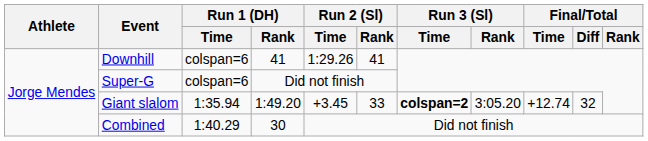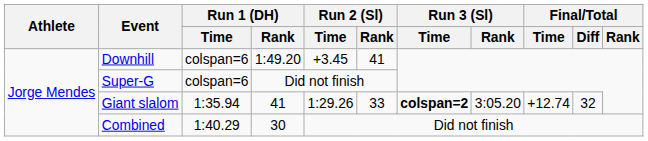 <table class="wikitable" style="font-size:90%">
 <tr>
 <th rowspan="2">Athlete</th>
 <th rowspan="2">Event</th>
 <th colspan="2">Run 1 (DH)</th>
 <th colspan="2">Run 2 (Sl)</th>
 <th colspan="2">Run 3 (Sl)</th>
 <th colspan="3">Final/Total</th>
 </tr>
 <tr>
 <th>Time</th>
 <th>Rank</th>
 <th>Time</th>
 <th>Rank</th>
 <th>Time</th>
 <th>Rank</th>
 <th>Time</th>
 <th>Diff</th>
 <th>Rank</th>
 </tr>
 <tr align="center">
 <td align="left" rowspan=4><a href='#'>Jorge Mendes</a></td>
 <td align="left"><a href='#'>Downhill</a></td>
 <td>colspan=6 </td>
-<td>41</td>
-<td>1:29.26</td>
+<td>1:49.20</td>
+<td>+3.45</td>
 <td>41</td>
 </tr>
 <tr align="center">
 <td align="left"><a href='#'>Super-G</a></td>
 <td>colspan=6 </td>
 <td colspan=3>Did not finish</td>
 </tr>
 <tr align="center">
 <td align="left"><a href='#'>Giant slalom</a></td>
 <td>1:35.94</td>
-<td>1:49.20</td>
-<td>+3.45</td>
+<td>41</td>
+<td>1:29.26</td>
 <td>33</td>
 <td><strong>colspan=2 </strong></td>
 <td>3:05.20</td>
 <td>+12.74</td>
 <td>32</td>
 </tr>
 <tr align="center">
 <td align="left"><a href='#'>Combined</a></td>
 <td>1:40.29</td>
 <td>30</td>
 <td colspan=9>Did not finish</td>
 </tr>
 </table>
